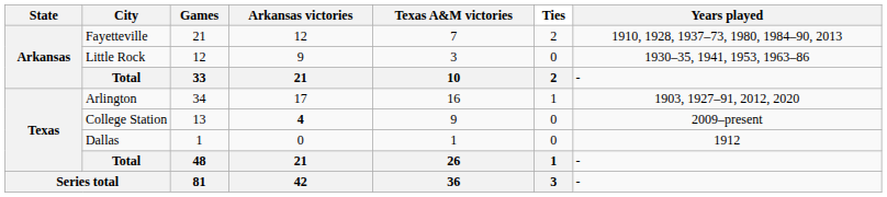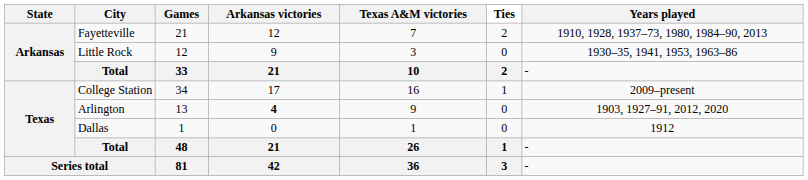 <table class="wikitable sortable">
 <tr>
 <th>State</th>
 <th width="10%">City</th>
 <th>Games</th>
 <th>Arkansas victories</th>
 <th>Texas A&M victories</th>
 <th style="text-align:center; background:white; color:black;">Ties</th>
 <th>Years played</th>
 </tr>
 <tr>
 <th rowspan="3">Arkansas</th>
 <td>Fayetteville</td>
 <td style="text-align:center;">21</td>
 <td style="text-align:center;">12</td>
 <td style="text-align:center;">7</td>
 <td style="text-align:center;">2</td>
 <td style="text-align:center;">1910, 1928, 1937–73, 1980, 1984–90, 2013</td>
 </tr>
 <tr>
 <td>Little Rock</td>
 <td style="text-align:center;">12</td>
 <td style="text-align:center;">9</td>
 <td style="text-align:center;">3</td>
 <td style="text-align:center;">0</td>
 <td style="text-align:center;">1930–35, 1941, 1953, 1963–86</td>
 </tr>
 <tr>
 <th>Total</th>
 <th>33</th>
 <th>21</th>
 <th>10</th>
 <th>2</th>
 <td>-</td>
 </tr>
 <tr>
 <th rowspan="4">Texas</th>
-<td>Arlington</td>
+<td>College Station</td>
 <td style="text-align:center;">34</td>
 <td style="text-align:center;">17</td>
 <td style="text-align:center;">16</td>
 <td style="text-align:center;">1</td>
-<td style="text-align:center;">1903, 1927–91, 2012, 2020</td>
+<td style="text-align:center;">2009–present</td>
 </tr>
 <tr>
-<td>College Station</td>
+<td>Arlington</td>
 <td style="text-align:center;">13</td>
 <td style="text-align:center;"><strong>4</strong></td>
 <td style="text-align:center;">9</td>
 <td style="text-align:center;">0</td>
-<td style="text-align:center;">2009–present</td>
+<td style="text-align:center;">1903, 1927–91, 2012, 2020</td>
 </tr>
 <tr>
 <td>Dallas</td>
 <td style="text-align:center;">1</td>
 <td style="text-align:center;">0</td>
 <td style="text-align:center;">1</td>
 <td style="text-align:center;">0</td>
 <td style="text-align:center;">1912</td>
 </tr>
 <tr>
 <th>Total</th>
 <th>48</th>
 <th>21</th>
 <th>26</th>
 <th>1</th>
 <td>-</td>
 </tr>
 <tr>
 <th colspan="2">Series total</th>
 <th>81</th>
 <th>42</th>
 <th>36</th>
 <th>3</th>
 <td>-</td>
 </tr>
 </table>
